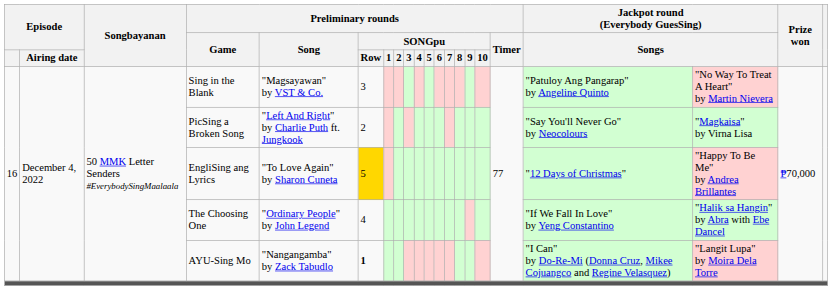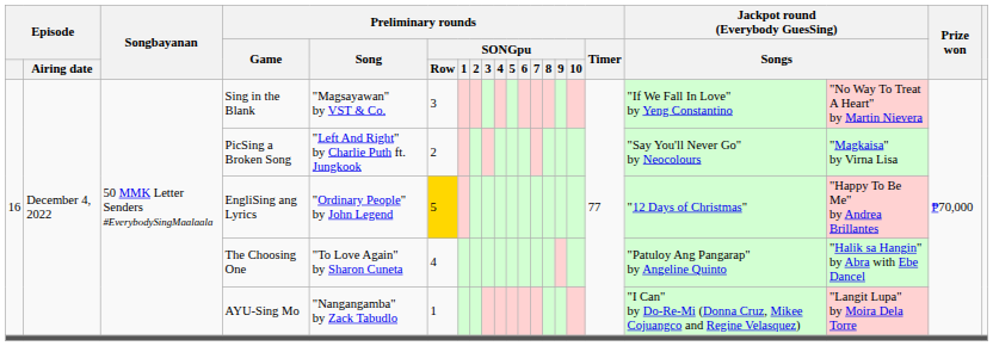 <table class="wikitable plainrowheaders mw-collapsible ">
 <tr>
 <th colspan="2" rowspan="2">Episode</th>
 <th rowspan="3">Songbayanan</th>
 <th colspan="14">Preliminary rounds</th>
 <th colspan="2">Jackpot round<br>(Everybody GuesSing)</th>
 <th rowspan="3">Prize won</th>
 <th rowspan="3"></th>
 </tr>
 <tr>
 <th rowspan="2">Game</th>
 <th rowspan="2">Song</th>
 <th colspan="11">SONGpu</th>
 <th rowspan="2">Timer</th>
 <th colspan="2" rowspan="2">Songs</th>
 </tr>
 <tr>
 <th></th>
 <th>Airing date</th>
 <th>Row</th>
 <th>1</th>
 <th>2</th>
 <th>3</th>
 <th>4</th>
 <th>5</th>
 <th>6</th>
 <th>7</th>
 <th>8</th>
 <th>9</th>
 <th>10</th>
 </tr>
 <tr>
 <td rowspan="5">16</td>
 <td rowspan="5">December 4, 2022</td>
 <td rowspan="5">50 <a href='#'>MMK</a> Letter Senders<br><small><em>#EverybodySingMaalaala</em></small></td>
 <td>Sing in the Blank</td>
 <td>"Magsayawan"<br>by <a href='#'>VST & Co.</a></td>
 <td>3</td>
 <td style="background:#FFD2D2"></td>
 <td style="background:#FFD2D2"></td>
 <td style="background:#D2FFD2"></td>
 <td style="background:#FFD2D2"></td>
 <td style="background:#D2FFD2"></td>
 <td style="background:#FFD2D2"></td>
 <td style="background:#FFD2D2"></td>
 <td style="background:#FFD2D2"></td>
 <td style="background:#D2FFD2"></td>
 <td style="background:#FFD2D2"></td>
 <td rowspan="5">77 </td>
-<td style="background:#D2FFD2">"Patuloy Ang Pangarap"<br>by <a href='#'>Angeline Quinto</a></td>
+<td style="background:#D2FFD2">"If We Fall In Love"<br>by <a href='#'>Yeng Constantino</a></td>
 <td style="background:#FFD2D2">"No Way To Treat A Heart"<br>by <a href='#'>Martin Nievera</a></td>
 <td rowspan="5"><a href='#'>₱</a>70,000</td>
 <td rowspan="5"></td>
 </tr>
 <tr>
 <td>PicSing a Broken Song</td>
 <td>"<a href='#'>Left And Right</a>"<br>by <a href='#'>Charlie Puth</a> ft. <a href='#'>Jungkook</a></td>
 <td>2</td>
 <td style="background:#FFD2D2"></td>
 <td style="background:#D2FFD2"></td>
 <td style="background:#FFD2D2"></td>
 <td style="background:#D2FFD2"></td>
 <td style="background:#D2FFD2"></td>
 <td style="background:#D2FFD2"></td>
 <td style="background:#FFD2D2"></td>
 <td style="background:#D2FFD2"></td>
 <td style="background:#D2FFD2"></td>
 <td style="background:#D2FFD2"></td>
 <td style="background:#D2FFD2">"Say You'll Never Go"<br>by <a href='#'>Neocolours</a></td>
 <td style="background:#D2FFD2">"<a href='#'>Magkaisa</a>"<br>by Virna Lisa</td>
 </tr>
 <tr>
 <td>EngliSing ang Lyrics</td>
-<td>"To Love Again"<br>by <a href='#'>Sharon Cuneta</a></td>
+<td>"<a href='#'>Ordinary People</a>"<br>by <a href='#'>John Legend</a></td>
 <td style="background: gold;">5</td>
 <td style="background:#FFD2D2"></td>
 <td style="background:#D2FFD2"></td>
 <td style="background:#D2FFD2"></td>
 <td style="background:#D2FFD2"></td>
 <td style="background:#D2FFD2"></td>
 <td style="background:#D2FFD2"></td>
 <td style="background:#D2FFD2"></td>
 <td style="background:#D2FFD2"></td>
 <td style="background:#D2FFD2"></td>
 <td style="background:#D2FFD2"></td>
 <td style="background:#D2FFD2">"<a href='#'>12 Days of Christmas</a>"</td>
 <td style="background:#FFD2D2">"Happy To Be Me"<br>by <a href='#'>Andrea Brillantes</a></td>
 </tr>
 <tr>
 <td>The Choosing One</td>
-<td>"<a href='#'>Ordinary People</a>"<br>by <a href='#'>John Legend</a></td>
+<td>"To Love Again"<br>by <a href='#'>Sharon Cuneta</a></td>
 <td>4</td>
 <td style="background:#D2FFD2"></td>
 <td style="background:#D2FFD2"></td>
 <td style="background:#D2FFD2"></td>
 <td style="background:#D2FFD2"></td>
 <td style="background:#D2FFD2"></td>
 <td style="background:#D2FFD2"></td>
 <td style="background:#D2FFD2"></td>
 <td style="background:#D2FFD2"></td>
 <td style="background:#FFD2D2"></td>
 <td style="background:#D2FFD2"></td>
-<td style="background:#D2FFD2">"If We Fall In Love"<br>by <a href='#'>Yeng Constantino</a></td>
+<td style="background:#D2FFD2">"Patuloy Ang Pangarap"<br>by <a href='#'>Angeline Quinto</a></td>
 <td style="background:#D2FFD2">"<a href='#'>Halik sa Hangin</a>"<br>by <a href='#'>Abra</a> with <a href='#'>Ebe Dancel</a></td>
 </tr>
 <tr>
 <td>AYU-Sing Mo</td>
 <td>"Nangangamba"<br>by <a href='#'>Zack Tabudlo</a></td>
-<td><strong>1</strong></td>
+<td>1</td>
 <td style="background:#D2FFD2"></td>
 <td style="background:#D2FFD2"></td>
 <td style="background:#FFD2D2"></td>
 <td style="background:#FFD2D2"></td>
 <td style="background:#FFD2D2"></td>
 <td style="background:#FFD2D2"></td>
 <td style="background:#FFD2D2"></td>
 <td style="background:#D2FFD2"></td>
 <td style="background:#D2FFD2"></td>
 <td style="background:#FFD2D2"></td>
 <td style="background:#D2FFD2">"I Can"<br>by  <a href='#'>Do-Re-Mi</a> (<a href='#'>Donna Cruz</a>, <a href='#'>Mikee Cojuangco</a> and <a href='#'>Regine Velasquez</a>)</td>
 <td style="background:#FFD2D2">"Langit Lupa"<br>by <a href='#'>Moira Dela Torre</a></td>
 </tr>
 <tr>
 <th colspan="21" style="background:#555;"></th>
 </tr>
 <tr>
 </tr>
 </table>
